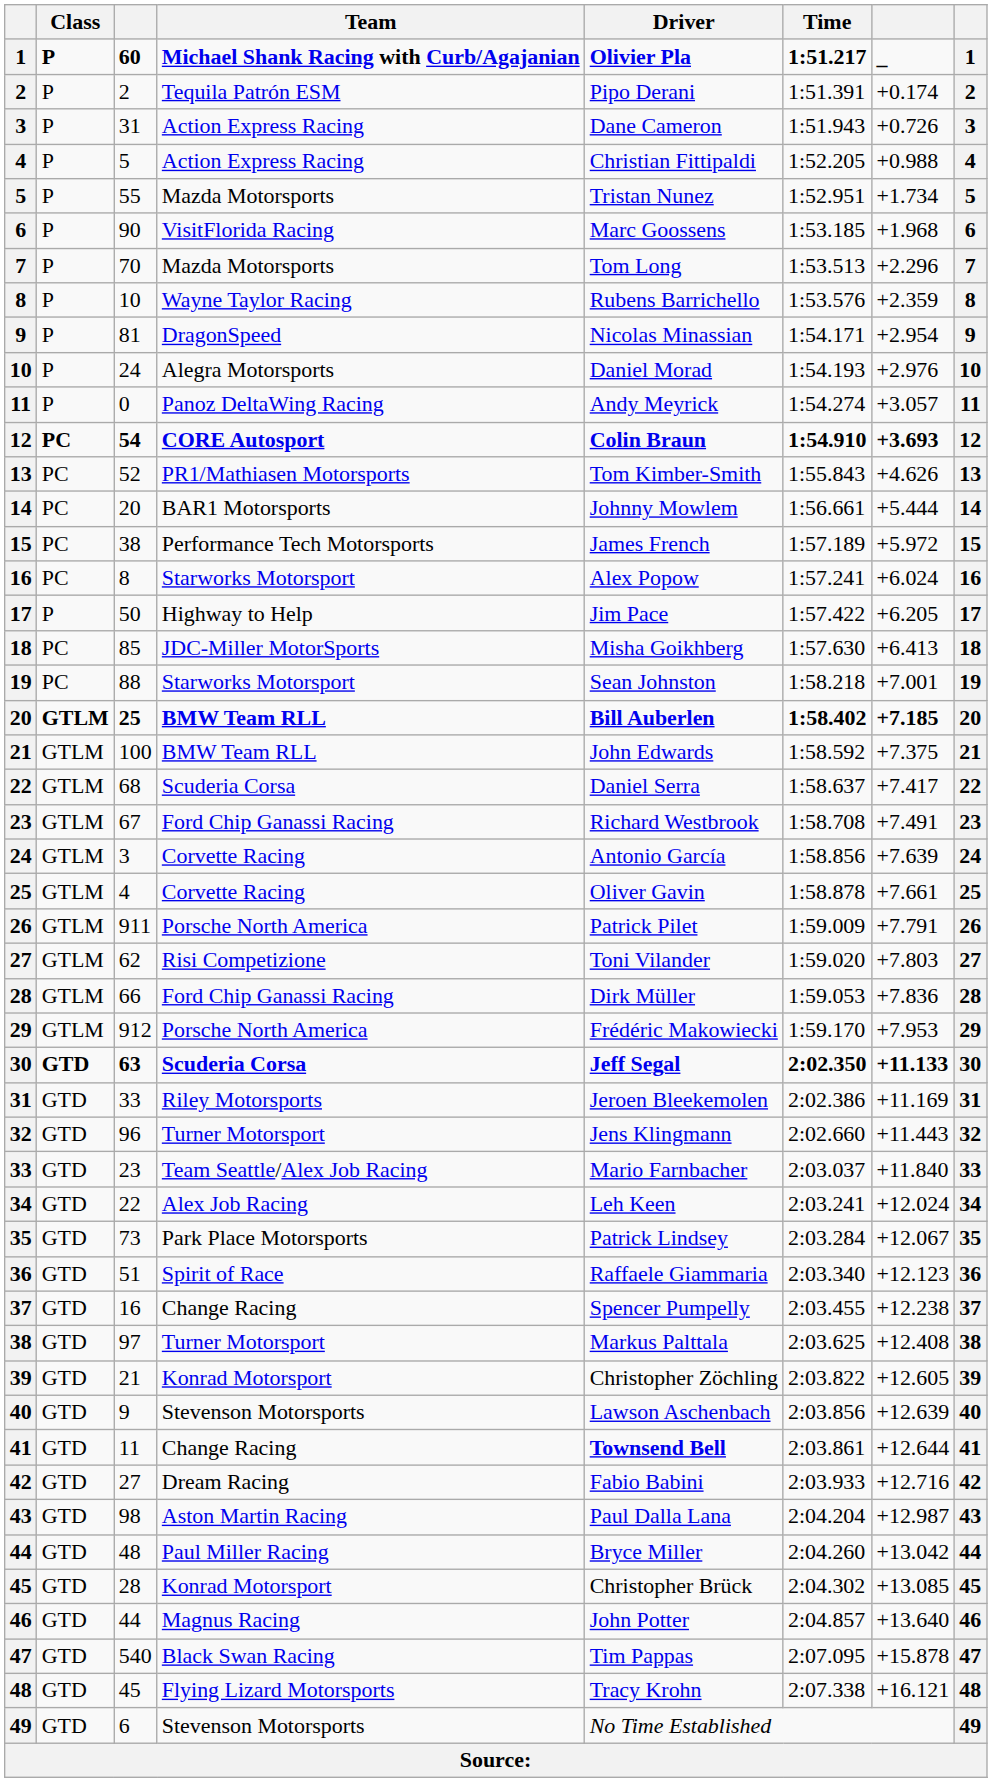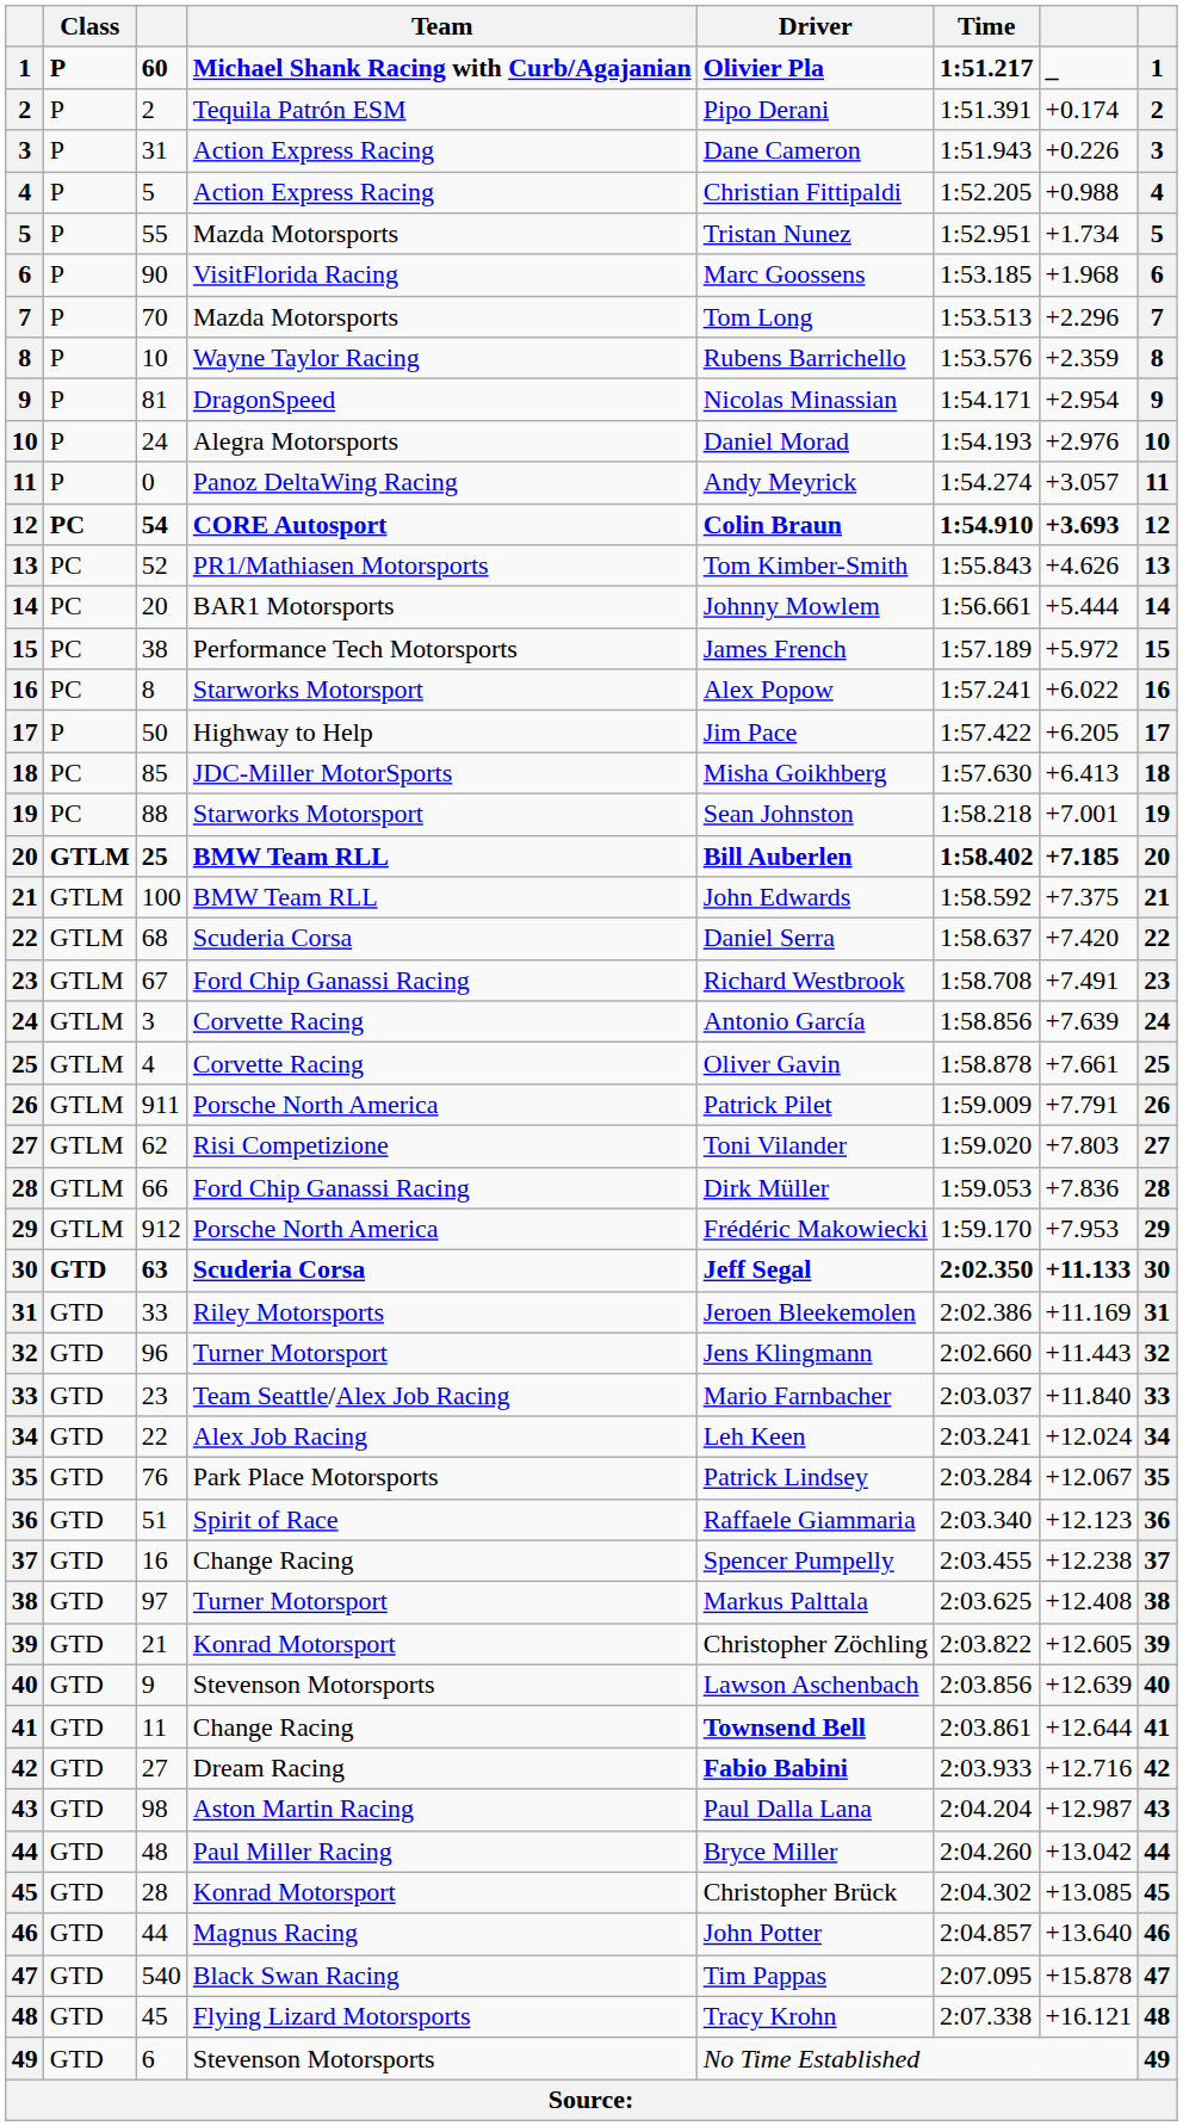 <table class="wikitable">
 <tr>
 <th scope="col"></th>
 <th scope="col">Class</th>
 <th scope="col"></th>
 <th scope="col">Team</th>
 <th scope="col">Driver</th>
 <th scope="col">Time</th>
 <th scope="col"></th>
 <th scope="col"></th>
 </tr>
 <tr>
 <th scope="row">1</th>
 <td><strong>P</strong></td>
 <td><strong>60</strong></td>
 <td><strong> <a href='#'>Michael Shank Racing</a> with <a href='#'>Curb/Agajanian</a></strong></td>
 <td><strong> <a href='#'>Olivier Pla</a></strong></td>
 <td><strong>1:51.217</strong></td>
 <td><strong>_</strong></td>
 <th><strong>1 </strong></th>
 </tr>
 <tr>
 <th scope="row">2</th>
 <td>P</td>
 <td>2</td>
 <td> <a href='#'>Tequila Patrón ESM</a></td>
 <td> <a href='#'>Pipo Derani</a></td>
 <td>1:51.391</td>
 <td>+0.174</td>
 <th>2</th>
 </tr>
 <tr>
 <th scope="row">3</th>
 <td>P</td>
 <td>31</td>
 <td> <a href='#'>Action Express Racing</a></td>
 <td> <a href='#'>Dane Cameron</a></td>
 <td>1:51.943</td>
-<td>+0.726</td>
+<td>+0.226</td>
 <th>3</th>
 </tr>
 <tr>
 <th scope="row">4</th>
 <td>P</td>
 <td>5</td>
 <td> <a href='#'>Action Express Racing</a></td>
 <td> <a href='#'>Christian Fittipaldi</a></td>
 <td>1:52.205</td>
 <td>+0.988</td>
 <th>4</th>
 </tr>
 <tr>
 <th scope="row">5</th>
 <td>P</td>
 <td>55</td>
 <td> Mazda Motorsports</td>
 <td> <a href='#'>Tristan Nunez</a></td>
 <td>1:52.951</td>
 <td>+1.734</td>
 <th>5</th>
 </tr>
 <tr>
 <th scope="row">6</th>
 <td>P</td>
 <td>90</td>
 <td> <a href='#'>VisitFlorida Racing</a></td>
 <td> <a href='#'>Marc Goossens</a></td>
 <td>1:53.185</td>
 <td>+1.968</td>
 <th>6</th>
 </tr>
 <tr>
 <th scope="row">7</th>
 <td>P</td>
 <td>70</td>
 <td> Mazda Motorsports</td>
 <td> <a href='#'>Tom Long</a></td>
 <td>1:53.513</td>
 <td>+2.296</td>
 <th>7</th>
 </tr>
 <tr>
 <th scope="row">8</th>
 <td>P</td>
 <td>10</td>
 <td> <a href='#'>Wayne Taylor Racing</a></td>
 <td> <a href='#'>Rubens Barrichello</a></td>
 <td>1:53.576</td>
 <td>+2.359</td>
 <th>8</th>
 </tr>
 <tr>
 <th scope="row">9</th>
 <td>P</td>
 <td>81</td>
 <td> <a href='#'>DragonSpeed</a></td>
 <td> <a href='#'>Nicolas Minassian</a></td>
 <td>1:54.171</td>
 <td>+2.954</td>
 <th>9</th>
 </tr>
 <tr>
 <th scope="row">10</th>
 <td>P</td>
 <td>24</td>
 <td> Alegra Motorsports</td>
 <td> <a href='#'>Daniel Morad</a></td>
 <td>1:54.193</td>
 <td>+2.976</td>
 <th><strong>10</strong></th>
 </tr>
 <tr>
 <th scope="row">11</th>
 <td>P</td>
 <td>0</td>
 <td> <a href='#'>Panoz DeltaWing Racing</a></td>
 <td> <a href='#'>Andy Meyrick</a></td>
 <td>1:54.274</td>
 <td>+3.057</td>
 <th>11</th>
 </tr>
 <tr>
 <th scope="row">12</th>
 <td><strong>PC</strong></td>
 <td><strong>54</strong></td>
 <td><strong> <a href='#'>CORE Autosport</a></strong></td>
 <td><strong> <a href='#'>Colin Braun</a></strong></td>
 <td><strong>1:54.910</strong></td>
 <td><strong>+3.693</strong></td>
 <th>12</th>
 </tr>
 <tr>
 <th scope="row">13</th>
 <td>PC</td>
 <td>52</td>
 <td> <a href='#'>PR1/Mathiasen Motorsports</a></td>
 <td> <a href='#'>Tom Kimber-Smith</a></td>
 <td>1:55.843</td>
 <td>+4.626</td>
 <th><strong>13</strong></th>
 </tr>
 <tr>
 <th scope="row">14</th>
 <td>PC</td>
 <td>20</td>
 <td> BAR1 Motorsports</td>
 <td> <a href='#'>Johnny Mowlem</a></td>
 <td>1:56.661</td>
 <td>+5.444</td>
 <th>14</th>
 </tr>
 <tr>
 <th scope="row">15</th>
 <td>PC</td>
 <td>38</td>
 <td> Performance Tech Motorsports</td>
 <td> <a href='#'>James French</a></td>
 <td>1:57.189</td>
 <td>+5.972</td>
 <th>15</th>
 </tr>
 <tr>
 <th scope="row">16</th>
 <td>PC</td>
 <td>8</td>
 <td> <a href='#'>Starworks Motorsport</a></td>
 <td> <a href='#'>Alex Popow</a></td>
 <td>1:57.241</td>
-<td>+6.024</td>
+<td>+6.022</td>
 <th>16</th>
 </tr>
 <tr>
 <th scope="row">17</th>
 <td>P</td>
 <td>50</td>
 <td> Highway to Help</td>
 <td> <a href='#'>Jim Pace</a></td>
 <td>1:57.422</td>
 <td>+6.205</td>
 <th>17</th>
 </tr>
 <tr>
 <th scope="row">18</th>
 <td>PC</td>
 <td>85</td>
 <td> <a href='#'>JDC-Miller MotorSports</a></td>
 <td> <a href='#'>Misha Goikhberg</a></td>
 <td>1:57.630</td>
 <td>+6.413</td>
 <th>18</th>
 </tr>
 <tr>
 <th scope="row">19</th>
 <td>PC</td>
 <td>88</td>
 <td> <a href='#'>Starworks Motorsport</a></td>
 <td> <a href='#'>Sean Johnston</a></td>
 <td>1:58.218</td>
 <td>+7.001</td>
 <th>19</th>
 </tr>
 <tr>
 <th scope="row">20</th>
 <td><strong>GTLM</strong></td>
 <td><strong>25</strong></td>
 <td><strong> <a href='#'>BMW Team RLL</a></strong></td>
 <td><strong> <a href='#'>Bill Auberlen</a></strong></td>
 <td><strong>1:58.402</strong></td>
 <td><strong>+7.185</strong></td>
 <th>20</th>
 </tr>
 <tr>
 <th scope="row">21</th>
 <td>GTLM</td>
 <td>100</td>
 <td> <a href='#'>BMW Team RLL</a></td>
 <td> <a href='#'>John Edwards</a></td>
 <td>1:58.592</td>
 <td>+7.375</td>
 <th>21</th>
 </tr>
 <tr>
 <th scope="row">22</th>
 <td>GTLM</td>
 <td>68</td>
 <td> <a href='#'>Scuderia Corsa</a></td>
 <td> <a href='#'>Daniel Serra</a></td>
 <td>1:58.637</td>
-<td>+7.417</td>
+<td>+7.420</td>
 <th>22</th>
 </tr>
 <tr>
 <th scope="row">23</th>
 <td>GTLM</td>
 <td>67</td>
 <td> <a href='#'>Ford Chip Ganassi Racing</a></td>
 <td> <a href='#'>Richard Westbrook</a></td>
 <td>1:58.708</td>
 <td>+7.491</td>
 <th>23</th>
 </tr>
 <tr>
 <th scope="row">24</th>
 <td>GTLM</td>
 <td>3</td>
 <td> <a href='#'>Corvette Racing</a></td>
 <td> <a href='#'>Antonio García</a></td>
 <td>1:58.856</td>
 <td>+7.639</td>
 <th>24</th>
 </tr>
 <tr>
 <th scope="row">25</th>
 <td>GTLM</td>
 <td>4</td>
 <td> <a href='#'>Corvette Racing</a></td>
 <td> <a href='#'>Oliver Gavin</a></td>
 <td>1:58.878</td>
 <td>+7.661</td>
 <th>25</th>
 </tr>
 <tr>
 <th scope="row">26</th>
 <td>GTLM</td>
 <td>911</td>
 <td> <a href='#'>Porsche North America</a></td>
 <td> <a href='#'>Patrick Pilet</a></td>
 <td>1:59.009</td>
 <td>+7.791</td>
 <th>26</th>
 </tr>
 <tr>
 <th scope="row">27</th>
 <td>GTLM</td>
 <td>62</td>
 <td> <a href='#'>Risi Competizione</a></td>
 <td> <a href='#'>Toni Vilander</a></td>
 <td>1:59.020</td>
 <td>+7.803</td>
 <th>27</th>
 </tr>
 <tr>
 <th scope="row">28</th>
 <td>GTLM</td>
 <td>66</td>
 <td> <a href='#'>Ford Chip Ganassi Racing</a></td>
 <td> <a href='#'>Dirk Müller</a></td>
 <td>1:59.053</td>
 <td>+7.836</td>
 <th>28</th>
 </tr>
 <tr>
 <th scope="row">29</th>
 <td>GTLM</td>
 <td>912</td>
 <td> <a href='#'>Porsche North America</a></td>
 <td> <a href='#'>Frédéric Makowiecki</a></td>
 <td>1:59.170</td>
 <td>+7.953</td>
 <th>29</th>
 </tr>
 <tr>
 <th scope="row">30</th>
 <td><strong>GTD</strong></td>
 <td><strong>63</strong></td>
 <td><strong> <a href='#'>Scuderia Corsa</a></strong></td>
 <td><strong> <a href='#'>Jeff Segal</a></strong></td>
 <td><strong>2:02.350</strong></td>
 <td><strong>+11.133</strong></td>
 <th>30</th>
 </tr>
 <tr>
 <th scope="row">31</th>
 <td>GTD</td>
 <td>33</td>
 <td> <a href='#'>Riley Motorsports</a></td>
 <td> <a href='#'>Jeroen Bleekemolen</a></td>
 <td>2:02.386</td>
 <td>+11.169</td>
 <th>31</th>
 </tr>
 <tr>
 <th scope="row">32</th>
 <td>GTD</td>
 <td>96</td>
 <td> <a href='#'>Turner Motorsport</a></td>
 <td> <a href='#'>Jens Klingmann</a></td>
 <td>2:02.660</td>
 <td>+11.443</td>
 <th>32</th>
 </tr>
 <tr>
 <th scope="row">33</th>
 <td>GTD</td>
 <td>23</td>
 <td> <a href='#'>Team Seattle</a>/<a href='#'>Alex Job Racing</a></td>
 <td> <a href='#'>Mario Farnbacher</a></td>
 <td>2:03.037</td>
 <td>+11.840</td>
 <th>33</th>
 </tr>
 <tr>
 <th scope="row">34</th>
 <td>GTD</td>
 <td>22</td>
 <td> <a href='#'>Alex Job Racing</a></td>
 <td> <a href='#'>Leh Keen</a></td>
 <td>2:03.241</td>
 <td>+12.024</td>
 <th>34</th>
 </tr>
 <tr>
 <th scope="row">35</th>
 <td>GTD</td>
-<td>73</td>
+<td>76</td>
 <td> Park Place Motorsports</td>
 <td> <a href='#'>Patrick Lindsey</a></td>
 <td>2:03.284</td>
 <td>+12.067</td>
 <th>35</th>
 </tr>
 <tr>
 <th scope="row">36</th>
 <td>GTD</td>
 <td>51</td>
 <td> <a href='#'>Spirit of Race</a></td>
 <td> <a href='#'>Raffaele Giammaria</a></td>
 <td>2:03.340</td>
 <td>+12.123</td>
 <th>36</th>
 </tr>
 <tr>
 <th scope="row">37</th>
 <td>GTD</td>
 <td>16</td>
 <td> Change Racing</td>
 <td> <a href='#'>Spencer Pumpelly</a></td>
 <td>2:03.455</td>
 <td>+12.238</td>
 <th>37</th>
 </tr>
 <tr>
 <th scope="row">38</th>
 <td>GTD</td>
 <td>97</td>
 <td> <a href='#'>Turner Motorsport</a></td>
 <td> <a href='#'>Markus Palttala</a></td>
 <td>2:03.625</td>
 <td>+12.408</td>
 <th>38</th>
 </tr>
 <tr>
 <th scope="row">39</th>
 <td>GTD</td>
 <td>21</td>
 <td> <a href='#'>Konrad Motorsport</a></td>
 <td> Christopher Zöchling</td>
 <td>2:03.822</td>
 <td>+12.605</td>
 <th>39</th>
 </tr>
 <tr>
 <th scope="row">40</th>
 <td>GTD</td>
 <td>9</td>
 <td> Stevenson Motorsports</td>
 <td> <a href='#'>Lawson Aschenbach</a></td>
 <td>2:03.856</td>
 <td>+12.639</td>
 <th>40</th>
 </tr>
 <tr>
 <th scope="row">41</th>
 <td>GTD</td>
 <td>11</td>
 <td> Change Racing</td>
 <td><strong> <a href='#'>Townsend Bell</a></strong></td>
 <td>2:03.861</td>
 <td>+12.644</td>
 <th>41</th>
 </tr>
 <tr>
 <th scope="row">42</th>
 <td>GTD</td>
 <td>27</td>
 <td> Dream Racing</td>
-<td> <a href='#'>Fabio Babini</a></td>
+<td><strong> <a href='#'>Fabio Babini</a></strong></td>
 <td>2:03.933</td>
 <td>+12.716</td>
 <th>42</th>
 </tr>
 <tr>
 <th scope="row">43</th>
 <td>GTD</td>
 <td>98</td>
 <td> <a href='#'>Aston Martin Racing</a></td>
 <td> <a href='#'>Paul Dalla Lana</a></td>
 <td>2:04.204</td>
 <td>+12.987</td>
 <th>43</th>
 </tr>
 <tr>
 <th scope="row">44</th>
 <td>GTD</td>
 <td>48</td>
 <td> <a href='#'>Paul Miller Racing</a></td>
 <td> <a href='#'>Bryce Miller</a></td>
 <td>2:04.260</td>
 <td>+13.042</td>
 <th>44</th>
 </tr>
 <tr>
 <th scope="row">45</th>
 <td>GTD</td>
 <td>28</td>
 <td> <a href='#'>Konrad Motorsport</a></td>
 <td> Christopher Brück</td>
 <td>2:04.302</td>
 <td>+13.085</td>
 <th>45</th>
 </tr>
 <tr>
 <th>46</th>
 <td>GTD</td>
 <td>44</td>
 <td> <a href='#'>Magnus Racing</a></td>
 <td> <a href='#'>John Potter</a></td>
 <td>2:04.857</td>
 <td>+13.640</td>
 <th>46</th>
 </tr>
 <tr>
 <th>47</th>
 <td>GTD</td>
 <td>540</td>
 <td> <a href='#'>Black Swan Racing</a></td>
 <td> <a href='#'>Tim Pappas</a></td>
 <td>2:07.095</td>
 <td>+15.878</td>
 <th>47</th>
 </tr>
 <tr>
 <th>48</th>
 <td>GTD</td>
 <td>45</td>
 <td> <a href='#'>Flying Lizard Motorsports</a></td>
 <td> <a href='#'>Tracy Krohn</a></td>
 <td>2:07.338</td>
 <td>+16.121</td>
 <th>48</th>
 </tr>
 <tr>
 <th scope="row">49</th>
 <td>GTD</td>
 <td>6</td>
 <td> Stevenson Motorsports</td>
 <td colspan="3"><em>No Time Established</em></td>
 <th>49</th>
 </tr>
 <tr>
 <th colspan="8">Source:</th>
 </tr>
 <tr>
 </tr>
 </table>
